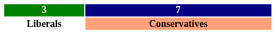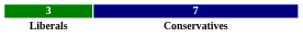 <table style="width:50%; text-align:center;">
 <tr style="color:white;">
 <td style="background:green; width:30%;"><strong>3</strong></td>
 <td style="background:navy; width:70%;"><strong>7</strong></td>
 </tr>
 <tr>
 <td><span><strong>Liberals</strong></span></td>
-<td style="background: lightsalmon;"><span><strong>Conservatives</strong></span></td>
+<td><span><strong>Conservatives</strong></span></td>
 </tr>
 </table>
